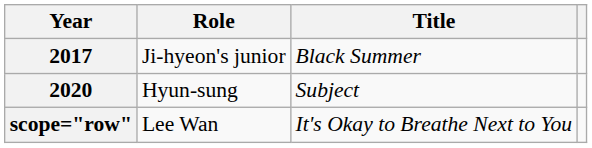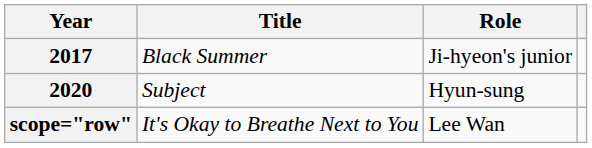 <table class="wikitable  plainrowheaders">
 <tr>
 <th scope="col">Year</th>
+<th scope="col">Title</th>
 <th scope="col">Role</th>
-<th scope="col">Title</th>
 <th scope="col" class="unsortable"></th>
 </tr>
 <tr>
 <th scope="row">2017</th>
+<td><em>Black Summer</em></td>
 <td>Ji-hyeon's junior</td>
-<td><em>Black Summer</em></td>
 <td></td>
 </tr>
 <tr>
 <th scope="row">2020</th>
+<td><em>Subject</em></td>
 <td>Hyun-sung</td>
-<td><em>Subject</em></td>
 <td></td>
 </tr>
 <tr>
 <th>scope="row" </th>
+<td><em>It's Okay to Breathe Next to You</em></td>
 <td>Lee Wan</td>
-<td><em>It's Okay to Breathe Next to You</em></td>
 <td></td>
 </tr>
 </table>
